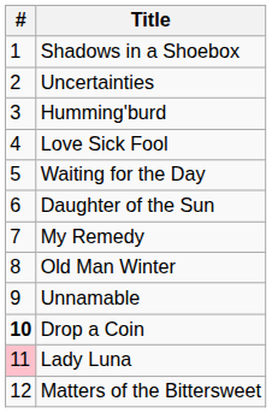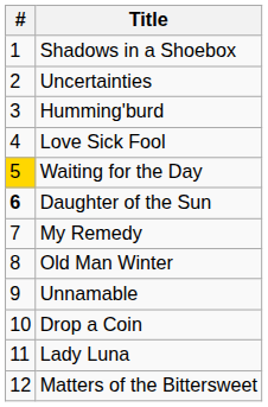 <table class="wikitable">
 <tr>
 <th>#</th>
 <th>Title</th>
 </tr>
 <tr>
 <td>1</td>
 <td>Shadows in a Shoebox</td>
 </tr>
 <tr>
 <td>2</td>
 <td>Uncertainties</td>
 </tr>
 <tr>
 <td>3</td>
 <td>Humming'burd</td>
 </tr>
 <tr>
 <td>4</td>
 <td>Love Sick Fool</td>
 </tr>
 <tr>
-<td>5</td>
+<td style="background: gold;">5</td>
 <td>Waiting for the Day</td>
 </tr>
 <tr>
-<td>6</td>
+<td><strong>6</strong></td>
 <td>Daughter of the Sun</td>
 </tr>
 <tr>
 <td>7</td>
 <td>My Remedy</td>
 </tr>
 <tr>
 <td>8</td>
 <td>Old Man Winter</td>
 </tr>
 <tr>
 <td>9</td>
 <td>Unnamable</td>
 </tr>
 <tr>
-<td><strong>10</strong></td>
+<td>10</td>
 <td>Drop a Coin</td>
 </tr>
 <tr>
-<td style="background: pink;">11</td>
+<td>11</td>
 <td>Lady Luna</td>
 </tr>
 <tr>
 <td>12</td>
 <td>Matters of the Bittersweet</td>
 </tr>
 </table>
